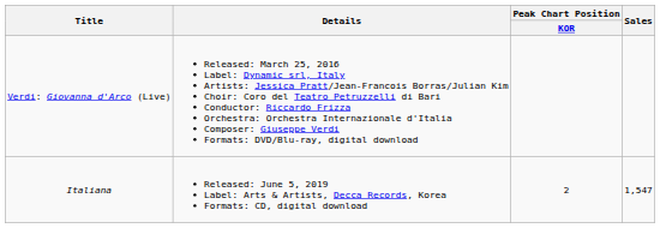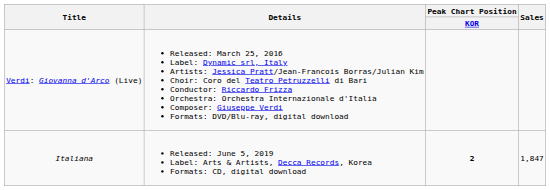 <table class="wikitable">
 <tr>
 <th rowspan="2"><strong>Title</strong></th>
 <th rowspan="2"><strong>Details</strong></th>
 <th><strong>Peak Chart Position</strong></th>
 <th rowspan="2"><strong>Sales</strong></th>
 </tr>
 <tr>
 <th><strong><a href='#'>KOR</a></strong></th>
 </tr>
 <tr>
 <td style="text-align: center;"><a href='#'>Verdi</a>: <em><a href='#'>Giovanna d'Arco</a></em> (Live)</td>
 <td><br><ul><li>Released: March 25, 2016</li><li>Label: <a href='#'>Dynamic srl, Italy</a></li><li>Artists: <a href='#'>Jessica Pratt</a>/Jean-Francois Borras/Julian Kim</li><li>Choir: Coro del <a href='#'>Teatro Petruzzelli</a> di Bari</li><li>Conductor: <a href='#'>Riccardo Frizza</a></li><li>Orchestra: Orchestra Internazionale d'Italia</li><li>Composer: <a href='#'>Giuseppe Verdi</a></li><li>Formats: DVD/Blu-ray, digital download</li></ul></td>
 <td></td>
 <td></td>
 </tr>
 <tr>
 <td style="text-align: center;"><em>Italiana</em></td>
 <td><br><ul><li>Released: June 5, 2019</li><li>Label: Arts & Artists, <a href='#'>Decca Records</a>, Korea</li><li>Formats: CD, digital download</li></ul></td>
-<td style="text-align: center;">2</td>
-<td style="text-align: center;">1,547</td>
+<td style="text-align: center;"><strong>2</strong></td>
+<td style="text-align: center;">1,847</td>
 </tr>
 </table>
